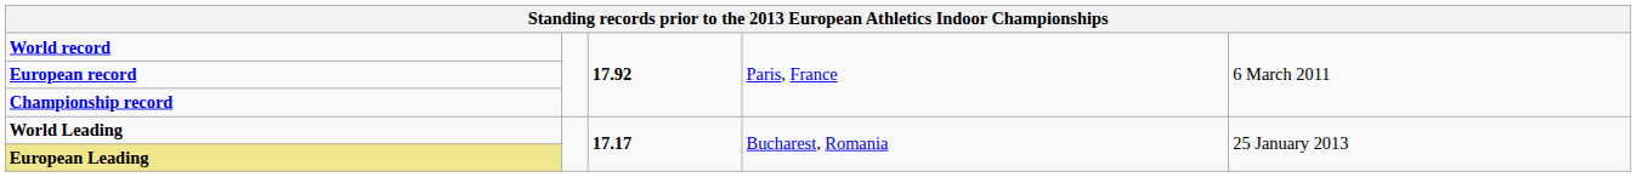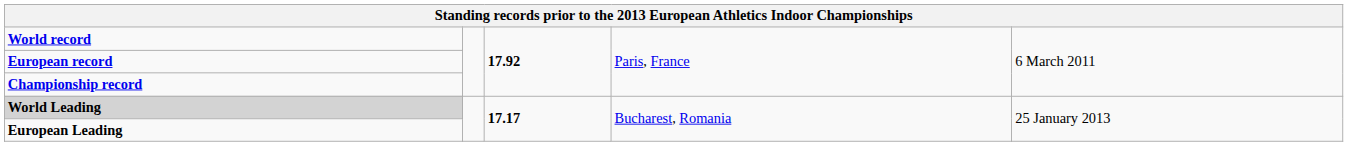 <table class="wikitable" width=75%>
 <tr>
 <th colspan="5">Standing records prior to the 2013 European Athletics Indoor Championships</th>
 </tr>
 <tr>
 <td><strong><a href='#'>World record</a></strong></td>
 <td rowspan=3></td>
 <td rowspan=3><strong>17.92</strong></td>
 <td rowspan=3><a href='#'>Paris</a>, <a href='#'>France</a></td>
 <td rowspan=3>6 March 2011</td>
 </tr>
 <tr>
 <td><strong><a href='#'>European record</a></strong></td>
 </tr>
 <tr>
 <td><strong><a href='#'>Championship record</a></strong></td>
 </tr>
 <tr>
-<td><strong>World Leading</strong></td>
+<td style="background: lightgrey;"><strong>World Leading</strong></td>
 <td rowspan=2></td>
 <td rowspan=2><strong>17.17</strong></td>
 <td rowspan=2><a href='#'>Bucharest</a>, <a href='#'>Romania</a></td>
 <td rowspan=2>25 January 2013</td>
 </tr>
 <tr>
-<td style="background: khaki;"><strong>European Leading</strong></td>
+<td><strong>European Leading</strong></td>
 </tr>
 </table>
